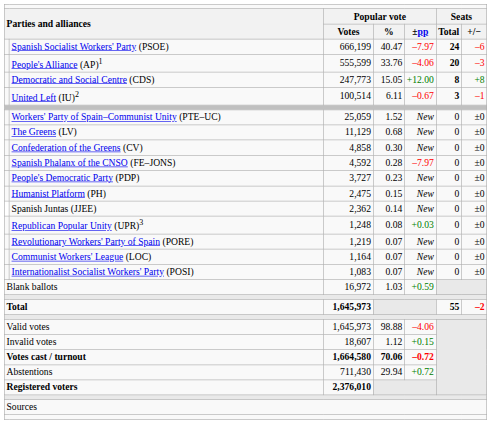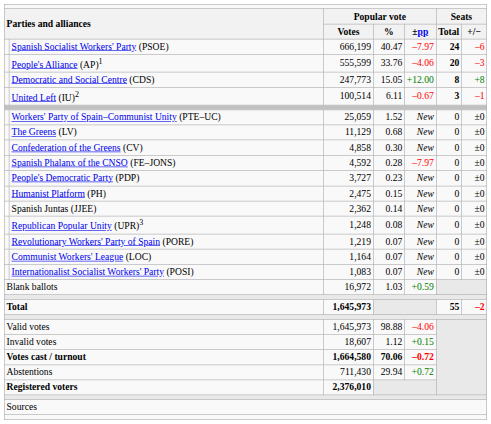 <table class="wikitable" style="text-align:right;">
 <tr>
 <td colspan="7"></td>
 </tr>
 <tr>
 <th style="text-align:left;" rowspan="2" colspan="2" width="525">Parties and alliances</th>
 <th colspan="3">Popular vote</th>
 <th colspan="2">Seats</th>
 </tr>
 <tr>
 <th width="75">Votes</th>
 <th width="45">%</th>
 <th width="45">±<a href='#'>pp</a></th>
 <th width="35">Total</th>
 <th width="35">+/−</th>
 </tr>
 <tr>
 <td width="1" style="color:inherit;background:"></td>
 <td align="left"><a href='#'>Spanish Socialist Workers' Party</a> (PSOE)</td>
 <td>666,199</td>
 <td>40.47</td>
 <td style="color:red;">–7.97</td>
 <td><strong>24</strong></td>
 <td style="color:red;">–6</td>
 </tr>
 <tr>
 <td style="color:inherit;background:"></td>
 <td align="left"><a href='#'>People's Alliance</a> (AP)<sup>1</sup></td>
 <td>555,599</td>
 <td>33.76</td>
 <td style="color:red;">–4.06</td>
 <td><strong>20</strong></td>
 <td style="color:red;">–3</td>
 </tr>
 <tr>
 <td style="color:inherit;background:"></td>
 <td align="left"><a href='#'>Democratic and Social Centre</a> (CDS)</td>
 <td>247,773</td>
 <td>15.05</td>
 <td style="color:green;">+12.00</td>
 <td><strong>8</strong></td>
 <td style="color:green;">+8</td>
 </tr>
 <tr>
 <td style="color:inherit;background:"></td>
 <td align="left"><a href='#'>United Left</a> (IU)<sup>2</sup></td>
 <td>100,514</td>
 <td>6.11</td>
 <td style="color:red;">–0.67</td>
 <td><strong>3</strong></td>
 <td style="color:red;">–1</td>
 </tr>
 <tr>
 <td colspan="7" bgcolor="#C0C0C0"></td>
 </tr>
 <tr>
 <td style="color:inherit;background:"></td>
 <td align="left"><a href='#'>Workers' Party of Spain–Communist Unity</a> (PTE–UC)</td>
 <td>25,059</td>
 <td>1.52</td>
 <td><em>New</em></td>
 <td>0</td>
 <td>±0</td>
 </tr>
 <tr>
 <td style="color:inherit;background:"></td>
 <td align="left"><a href='#'>The Greens</a> (LV)</td>
 <td>11,129</td>
 <td>0.68</td>
 <td><em>New</em></td>
 <td>0</td>
 <td>±0</td>
 </tr>
 <tr>
 <td style="color:inherit;background:"></td>
 <td align="left"><a href='#'>Confederation of the Greens</a> (CV)</td>
 <td>4,858</td>
 <td>0.30</td>
 <td><em>New</em></td>
 <td>0</td>
 <td>±0</td>
 </tr>
 <tr>
 <td style="color:inherit;background:"></td>
 <td align="left"><a href='#'>Spanish Phalanx of the CNSO</a> (FE–JONS)</td>
 <td>4,592</td>
 <td>0.28</td>
 <td style="color:red;">–7.97</td>
 <td>0</td>
 <td>±0</td>
 </tr>
 <tr>
 <td style="color:inherit;background:"></td>
 <td align="left"><a href='#'>People's Democratic Party</a> (PDP)</td>
 <td>3,727</td>
 <td>0.23</td>
 <td><em>New</em></td>
 <td>0</td>
 <td>±0</td>
 </tr>
 <tr>
 <td style="color:inherit;background:"></td>
 <td align="left"><a href='#'>Humanist Platform</a> (PH)</td>
 <td>2,475</td>
 <td>0.15</td>
 <td><em>New</em></td>
 <td>0</td>
 <td>±0</td>
 </tr>
 <tr>
 <td bgcolor="white"></td>
 <td align="left">Spanish Juntas (JJEE)</td>
 <td>2,362</td>
 <td>0.14</td>
 <td><em>New</em></td>
 <td>0</td>
 <td>±0</td>
 </tr>
 <tr>
 <td style="color:inherit;background:"></td>
 <td align="left"><a href='#'>Republican Popular Unity</a> (UPR)<sup>3</sup></td>
 <td>1,248</td>
 <td>0.08</td>
-<td style="color:green;">+0.03</td>
+<td><em>New</em></td>
 <td>0</td>
 <td>±0</td>
 </tr>
 <tr>
 <td style="color:inherit;background:"></td>
 <td align="left"><a href='#'>Revolutionary Workers' Party of Spain</a> (PORE)</td>
 <td>1,219</td>
 <td>0.07</td>
 <td><em>New</em></td>
 <td>0</td>
 <td>±0</td>
 </tr>
 <tr>
 <td style="color:inherit;background:"></td>
 <td align="left"><a href='#'>Communist Workers' League</a> (LOC)</td>
 <td>1,164</td>
 <td>0.07</td>
 <td><em>New</em></td>
 <td>0</td>
 <td>±0</td>
 </tr>
 <tr>
 <td style="color:inherit;background:"></td>
 <td align="left"><a href='#'>Internationalist Socialist Workers' Party</a> (POSI)</td>
 <td>1,083</td>
 <td>0.07</td>
 <td><em>New</em></td>
 <td>0</td>
 <td>±0</td>
 </tr>
 <tr>
 <td align="left" colspan="2">Blank ballots</td>
 <td>16,972</td>
 <td>1.03</td>
 <td style="color:green;">+0.59</td>
 <td bgcolor="#E9E9E9" colspan="2"></td>
 </tr>
 <tr>
 <td colspan="7" bgcolor="#E9E9E9"></td>
 </tr>
 <tr style="font-weight:bold;">
 <td align="left" colspan="2">Total</td>
 <td>1,645,973</td>
 <td bgcolor="#E9E9E9" colspan="2"></td>
 <td>55</td>
 <td style="color:red;">–2</td>
 </tr>
 <tr>
 <td colspan="7" bgcolor="#E9E9E9"></td>
 </tr>
 <tr>
 <td align="left" colspan="2">Valid votes</td>
 <td>1,645,973</td>
 <td>98.88</td>
 <td style="color:red;">–4.06</td>
 <td bgcolor="#E9E9E9" colspan="2" rowspan="5"></td>
 </tr>
 <tr>
 <td align="left" colspan="2">Invalid votes</td>
 <td>18,607</td>
 <td>1.12</td>
 <td style="color:green;">+0.15</td>
 </tr>
 <tr style="font-weight:bold;">
 <td align="left" colspan="2">Votes cast / turnout</td>
 <td>1,664,580</td>
 <td>70.06</td>
 <td style="color:red;">–0.72</td>
 </tr>
 <tr>
 <td align="left" colspan="2">Abstentions</td>
 <td>711,430</td>
 <td>29.94</td>
 <td style="color:green;">+0.72</td>
 </tr>
 <tr style="font-weight:bold;">
 <td align="left" colspan="2">Registered voters</td>
 <td>2,376,010</td>
 <td bgcolor="#E9E9E9" colspan="2"></td>
 </tr>
 <tr>
 <td colspan="7" bgcolor="#E9E9E9"></td>
 </tr>
 <tr>
 <td align="left" colspan="7">Sources</td>
 </tr>
 <tr>
 <td colspan="7" style="text-align:left; max-width:790px;"></td>
 </tr>
 </table>
